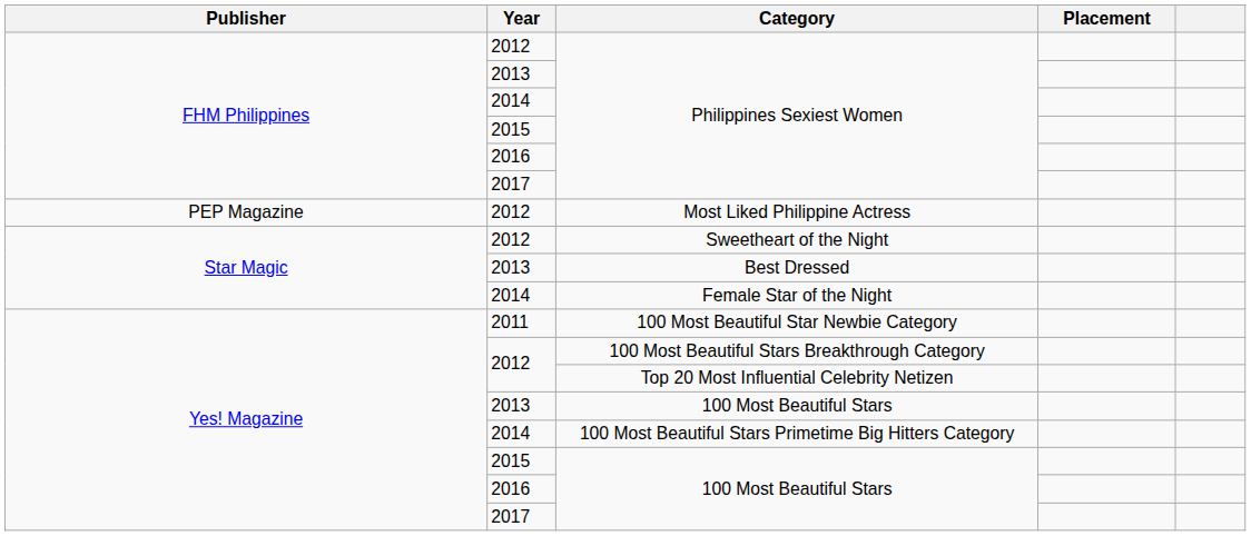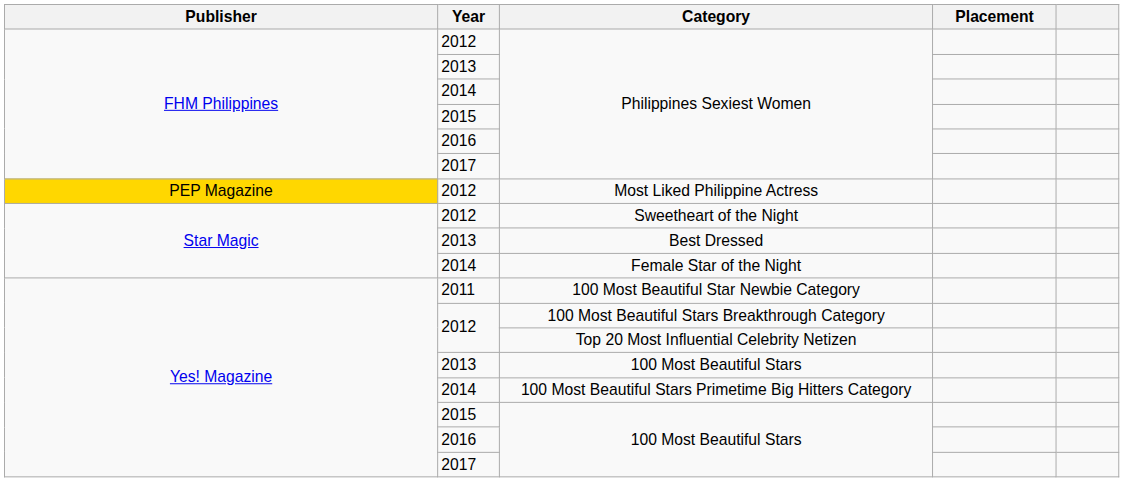 <table class=wikitable style="width:90%;">
 <tr>
 <th width=35%>Publisher</th>
 <th width=5%>Year</th>
 <th width=35%>Category</th>
 <th width=10%>Placement</th>
 <th width=5%></th>
 </tr>
 <tr>
 <td rowspan="6" align=center><a href='#'>FHM Philippines</a></td>
 <td>2012</td>
 <td rowspan="6" align=center>Philippines Sexiest Women</td>
 <td></td>
 <td style="text-align:center;"></td>
 </tr>
 <tr>
 <td>2013</td>
 <td></td>
 <td style="text-align:center;"></td>
 </tr>
 <tr>
 <td>2014</td>
 <td></td>
 <td style="text-align:center;"></td>
 </tr>
 <tr>
 <td>2015</td>
 <td></td>
 <td style="text-align:center;"></td>
 </tr>
 <tr>
 <td>2016</td>
 <td></td>
 <td style="text-align:center;"></td>
 </tr>
 <tr>
 <td>2017</td>
 <td></td>
 <td align=center></td>
 </tr>
 <tr>
-<td align=center>PEP Magazine</td>
+<td align=center style="background: gold;">PEP Magazine</td>
 <td>2012</td>
 <td align=center>Most Liked Philippine Actress</td>
 <td></td>
 <td></td>
 </tr>
 <tr>
 <td rowspan="3" align=center><a href='#'>Star Magic</a></td>
 <td>2012</td>
 <td align=center>Sweetheart of the Night</td>
 <td></td>
 <td style="text-align:center;"></td>
 </tr>
 <tr>
 <td>2013</td>
 <td align=center>Best Dressed</td>
 <td></td>
 <td></td>
 </tr>
 <tr>
 <td>2014</td>
 <td align=center>Female Star of the Night</td>
 <td></td>
 <td style="text-align:center;"></td>
 </tr>
 <tr>
 <td rowspan="8" align=center><a href='#'>Yes! Magazine</a></td>
 <td>2011</td>
 <td align=center>100 Most Beautiful Star Newbie Category</td>
 <td></td>
 <td></td>
 </tr>
 <tr>
 <td rowspan="2">2012</td>
 <td align=center>100 Most Beautiful Stars Breakthrough Category</td>
 <td></td>
 <td></td>
 </tr>
 <tr>
 <td align=center>Top 20 Most Influential Celebrity Netizen</td>
 <td></td>
 <td align=center></td>
 </tr>
 <tr>
 <td>2013</td>
 <td align=center>100 Most Beautiful Stars</td>
 <td></td>
 <td></td>
 </tr>
 <tr>
 <td>2014</td>
 <td align=center>100 Most Beautiful Stars Primetime Big Hitters Category</td>
 <td></td>
 <td style="text-align:center;"></td>
 </tr>
 <tr>
 <td>2015</td>
 <td align=center rowspan="3">100 Most Beautiful Stars</td>
 <td></td>
 <td align=center></td>
 </tr>
 <tr>
 <td>2016</td>
 <td></td>
 <td align=center></td>
 </tr>
 <tr>
 <td>2017</td>
 <td></td>
 <td align=center></td>
 </tr>
 </table>
